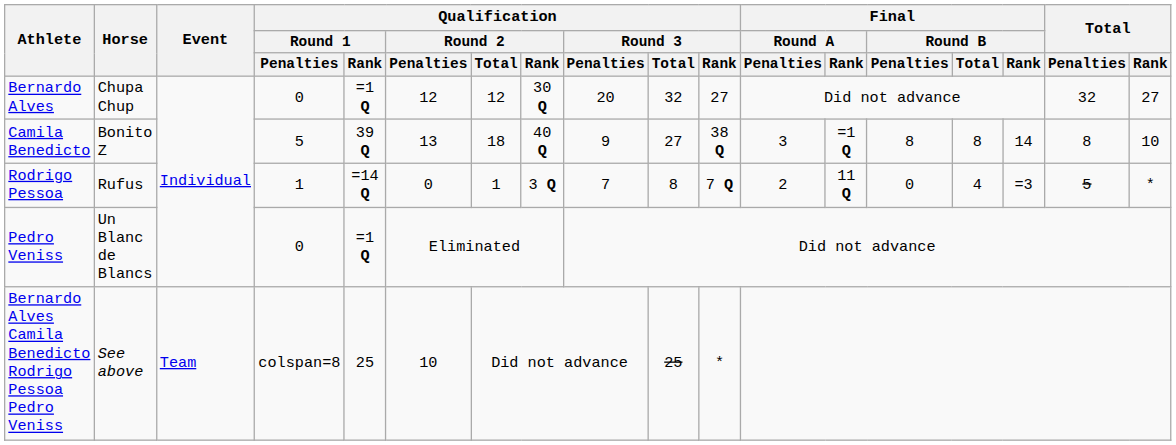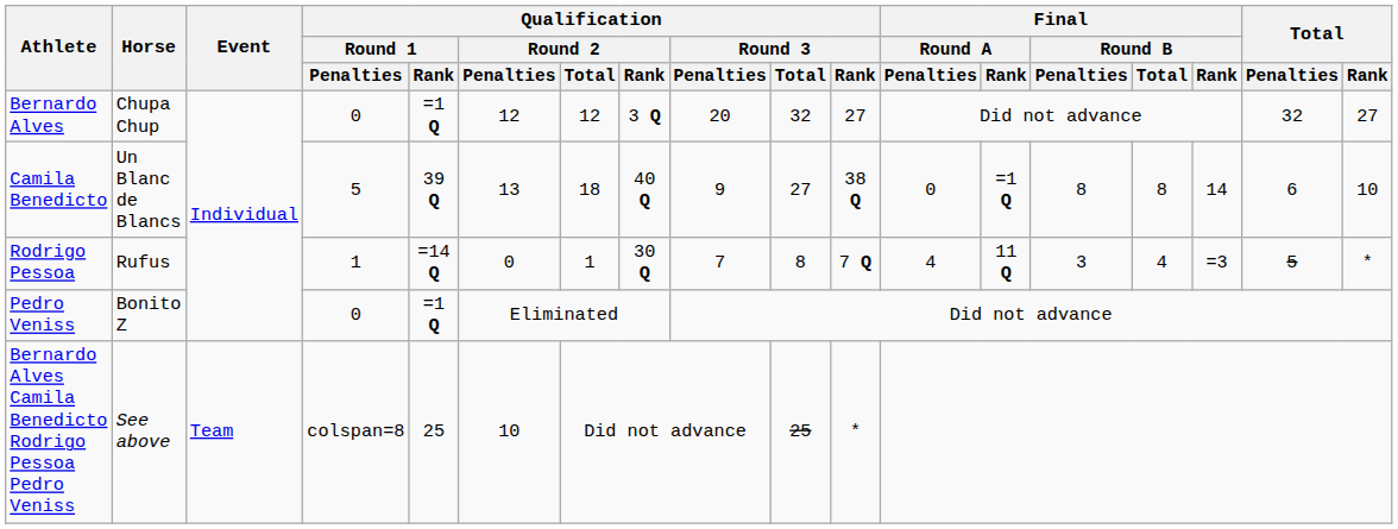 <table class="wikitable" style="font-size:90%">
 <tr>
 <th rowspan="3">Athlete</th>
 <th rowspan="3">Horse</th>
 <th rowspan="3">Event</th>
 <th colspan="8">Qualification</th>
 <th colspan="5">Final</th>
 <th rowspan=2 colspan="2">Total</th>
 </tr>
 <tr style="font-size:95%">
 <th colspan="2">Round 1</th>
 <th colspan="3">Round 2</th>
 <th colspan="3">Round 3</th>
 <th colspan="2">Round A</th>
 <th colspan="3">Round B</th>
 </tr>
 <tr style="font-size:95%">
 <th>Penalties</th>
 <th>Rank</th>
 <th>Penalties</th>
 <th>Total</th>
 <th>Rank</th>
 <th>Penalties</th>
 <th>Total</th>
 <th>Rank</th>
 <th>Penalties</th>
 <th>Rank</th>
 <th>Penalties</th>
 <th>Total</th>
 <th>Rank</th>
 <th>Penalties</th>
 <th>Rank</th>
 </tr>
 <tr align=center>
 <td align=left><a href='#'>Bernardo Alves</a></td>
 <td align=left>Chupa Chup</td>
 <td align=left rowspan=4><a href='#'>Individual</a></td>
 <td>0</td>
 <td>=1 <strong>Q</strong></td>
 <td>12</td>
 <td>12</td>
-<td>30 <strong>Q</strong></td>
+<td>3 <strong>Q</strong></td>
 <td>20</td>
 <td>32</td>
 <td>27</td>
 <td colspan=5>Did not advance</td>
 <td>32</td>
 <td>27</td>
 </tr>
 <tr align=center>
 <td align=left><a href='#'>Camila Benedicto</a></td>
-<td align=left>Bonito Z</td>
+<td align=left>Un Blanc de Blancs</td>
 <td>5</td>
 <td>39 <strong>Q</strong></td>
 <td>13</td>
 <td>18</td>
 <td>40 <strong>Q</strong></td>
 <td>9</td>
 <td>27</td>
 <td>38 <strong>Q</strong></td>
-<td>3</td>
+<td>0</td>
 <td>=1 <strong>Q</strong></td>
 <td>8</td>
 <td>8</td>
 <td>14</td>
-<td>8</td>
+<td>6</td>
 <td>10</td>
 </tr>
 <tr align=center>
 <td align=left><a href='#'>Rodrigo Pessoa</a></td>
 <td align=left>Rufus</td>
 <td>1</td>
 <td>=14 <strong>Q</strong></td>
 <td>0</td>
 <td>1</td>
-<td>3 <strong>Q</strong></td>
+<td>30 <strong>Q</strong></td>
 <td>7</td>
 <td>8</td>
 <td>7 <strong>Q</strong></td>
-<td>2</td>
+<td>4</td>
 <td>11 <strong>Q</strong></td>
-<td>0</td>
+<td>3</td>
 <td>4</td>
 <td>=3</td>
 <td><s>5</s></td>
 <td>*</td>
 </tr>
 <tr align=center>
 <td align=left><a href='#'>Pedro Veniss</a></td>
-<td align=left>Un Blanc de Blancs</td>
+<td align=left>Bonito Z</td>
 <td>0</td>
 <td>=1 <strong>Q</strong></td>
 <td colspan=3>Eliminated</td>
 <td colspan=10>Did not advance</td>
 </tr>
 <tr align=center>
 <td align=left><a href='#'>Bernardo Alves</a><br><a href='#'>Camila Benedicto</a><br><a href='#'>Rodrigo Pessoa</a><br><a href='#'>Pedro Veniss</a></td>
 <td align=left><em>See above</em></td>
 <td align=left><a href='#'>Team</a></td>
 <td>colspan=8 </td>
 <td>25</td>
 <td>10</td>
 <td colspan=3>Did not advance</td>
 <td><s>25</s></td>
 <td>*</td>
 </tr>
 </table>
